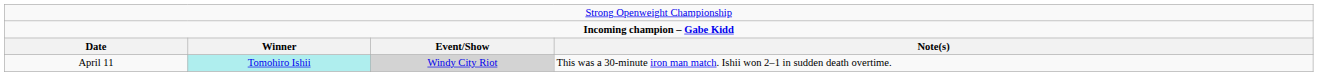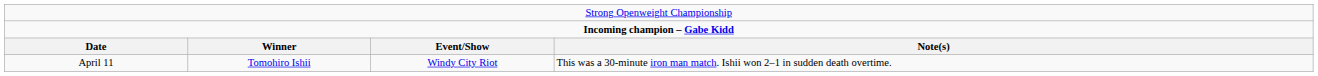 <table class="wikitable" style="text-align:center; width:100%;">
 <tr>
 <td colspan="4" style="text-align: center;"><a href='#'>Strong Openweight Championship</a></td>
 </tr>
 <tr>
 <td colspan="4" style="text-align: center;"><strong>Incoming champion – <a href='#'>Gabe Kidd</a></strong></td>
 </tr>
 <tr>
 <th width=14%>Date</th>
 <th width=14%>Winner</th>
 <th width=14%>Event/Show</th>
 <th width=58%>Note(s)</th>
 </tr>
 <tr>
 <td>April 11</td>
-<td style="background: paleturquoise;"><a href='#'>Tomohiro Ishii</a></td>
-<td style="background: lightgrey;"><a href='#'>Windy City Riot</a></td>
+<td><a href='#'>Tomohiro Ishii</a></td>
+<td><a href='#'>Windy City Riot</a></td>
 <td align=left>This was a 30-minute <a href='#'>iron man match</a>. Ishii won 2–1 in sudden death overtime.</td>
 </tr>
 </table>
